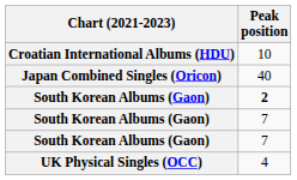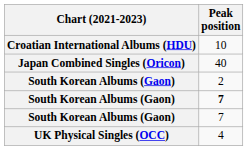 <table class="wikitable sortable plainrowheaders" style="text-align:center">
 <tr>
 <th scope="col">Chart (2021-2023)</th>
 <th scope="col">Peak<br>position</th>
 </tr>
 <tr>
 <th scope="row">Croatian International Albums (<a href='#'>HDU</a>)</th>
 <td>10</td>
 </tr>
 <tr>
 <th scope="row">Japan Combined Singles (<a href='#'>Oricon</a>)</th>
 <td>40</td>
 </tr>
 <tr>
 <th scope="row">South Korean Albums (<a href='#'>Gaon</a>)</th>
-<td><strong>2</strong></td>
+<td>2</td>
 </tr>
 <tr>
 <th scope="row">South Korean Albums (Gaon)<br></th>
-<td>7</td>
+<td><strong>7</strong></td>
 </tr>
 <tr>
 <th scope="row">South Korean Albums (Gaon)<br></th>
 <td>7</td>
 </tr>
 <tr>
 <th scope="row">UK Physical Singles (<a href='#'>OCC</a>)</th>
 <td>4</td>
 </tr>
 </table>
